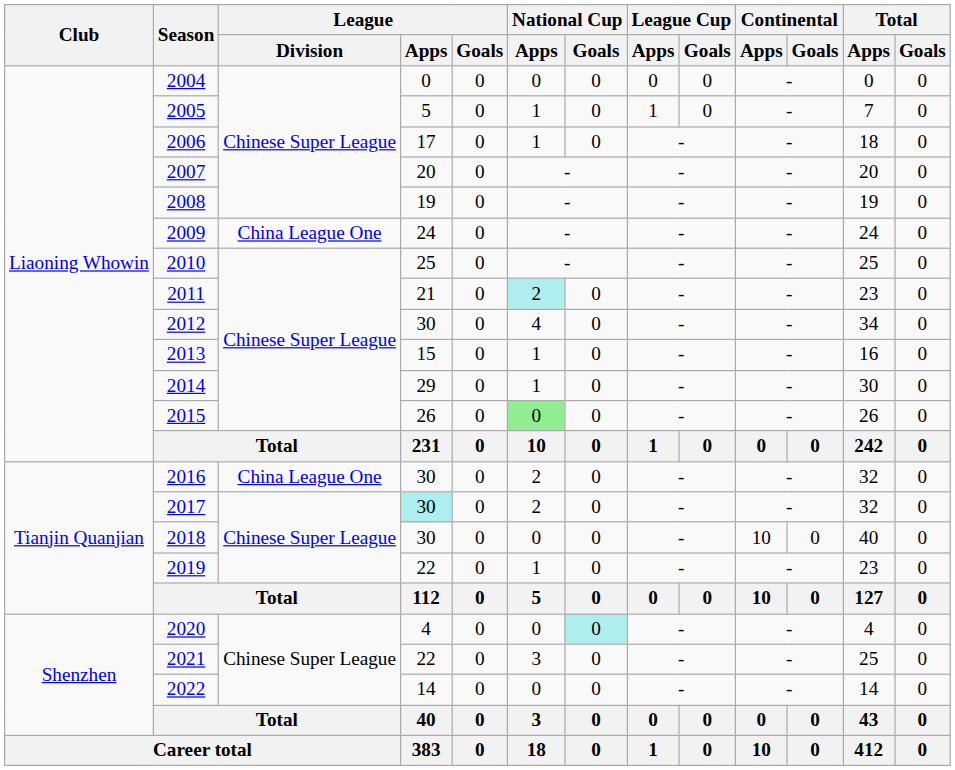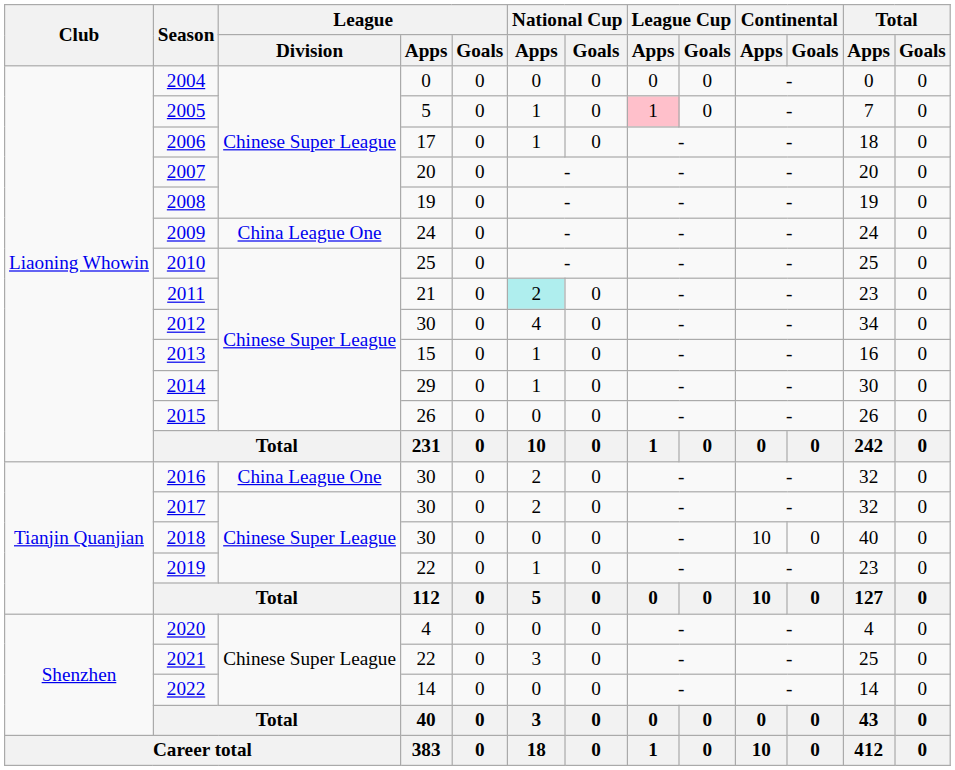 <table class="wikitable" style="text-align: center">
 <tr>
 <th rowspan="2">Club</th>
 <th rowspan="2">Season</th>
 <th colspan="3">League</th>
 <th colspan="2">National Cup</th>
 <th colspan="2">League Cup</th>
 <th colspan="2">Continental</th>
 <th colspan="2">Total</th>
 </tr>
 <tr>
 <th>Division</th>
 <th>Apps</th>
 <th>Goals</th>
 <th>Apps</th>
 <th>Goals</th>
 <th>Apps</th>
 <th>Goals</th>
 <th>Apps</th>
 <th>Goals</th>
 <th>Apps</th>
 <th>Goals</th>
 </tr>
 <tr>
 <td rowspan=13><a href='#'>Liaoning Whowin</a></td>
 <td><a href='#'>2004</a></td>
 <td rowspan="5"><a href='#'>Chinese Super League</a></td>
 <td>0</td>
 <td>0</td>
 <td>0</td>
 <td>0</td>
 <td>0</td>
 <td>0</td>
 <td colspan="2">-</td>
 <td>0</td>
 <td>0</td>
 </tr>
 <tr>
 <td><a href='#'>2005</a></td>
 <td>5</td>
 <td>0</td>
 <td>1</td>
 <td>0</td>
-<td>1</td>
+<td style="background: pink;">1</td>
 <td>0</td>
 <td colspan="2">-</td>
 <td>7</td>
 <td>0</td>
 </tr>
 <tr>
 <td><a href='#'>2006</a></td>
 <td>17</td>
 <td>0</td>
 <td>1</td>
 <td>0</td>
 <td colspan="2">-</td>
 <td colspan="2">-</td>
 <td>18</td>
 <td>0</td>
 </tr>
 <tr>
 <td><a href='#'>2007</a></td>
 <td>20</td>
 <td>0</td>
 <td colspan="2">-</td>
 <td colspan="2">-</td>
 <td colspan="2">-</td>
 <td>20</td>
 <td>0</td>
 </tr>
 <tr>
 <td><a href='#'>2008</a></td>
 <td>19</td>
 <td>0</td>
 <td colspan="2">-</td>
 <td colspan="2">-</td>
 <td colspan="2">-</td>
 <td>19</td>
 <td>0</td>
 </tr>
 <tr>
 <td><a href='#'>2009</a></td>
 <td rowspan="1"><a href='#'>China League One</a></td>
 <td>24</td>
 <td>0</td>
 <td colspan="2">-</td>
 <td colspan="2">-</td>
 <td colspan="2">-</td>
 <td>24</td>
 <td>0</td>
 </tr>
 <tr>
 <td><a href='#'>2010</a></td>
 <td rowspan="6"><a href='#'>Chinese Super League</a></td>
 <td>25</td>
 <td>0</td>
 <td colspan="2">-</td>
 <td colspan="2">-</td>
 <td colspan="2">-</td>
 <td>25</td>
 <td>0</td>
 </tr>
 <tr>
 <td><a href='#'>2011</a></td>
 <td>21</td>
 <td>0</td>
 <td style="background: paleturquoise;">2</td>
 <td>0</td>
 <td colspan="2">-</td>
 <td colspan="2">-</td>
 <td>23</td>
 <td>0</td>
 </tr>
 <tr>
 <td><a href='#'>2012</a></td>
 <td>30</td>
 <td>0</td>
 <td>4</td>
 <td>0</td>
 <td colspan="2">-</td>
 <td colspan="2">-</td>
 <td>34</td>
 <td>0</td>
 </tr>
 <tr>
 <td><a href='#'>2013</a></td>
 <td>15</td>
 <td>0</td>
 <td>1</td>
 <td>0</td>
 <td colspan="2">-</td>
 <td colspan="2">-</td>
 <td>16</td>
 <td>0</td>
 </tr>
 <tr>
 <td><a href='#'>2014</a></td>
 <td>29</td>
 <td>0</td>
 <td>1</td>
 <td>0</td>
 <td colspan="2">-</td>
 <td colspan="2">-</td>
 <td>30</td>
 <td>0</td>
 </tr>
 <tr>
 <td><a href='#'>2015</a></td>
 <td>26</td>
 <td>0</td>
-<td style="background: lightgreen;">0</td>
+<td>0</td>
 <td>0</td>
 <td colspan="2">-</td>
 <td colspan="2">-</td>
 <td>26</td>
 <td>0</td>
 </tr>
 <tr>
 <th colspan=2>Total</th>
 <th>231</th>
 <th>0</th>
 <th>10</th>
 <th>0</th>
 <th>1</th>
 <th>0</th>
 <th>0</th>
 <th>0</th>
 <th>242</th>
 <th>0</th>
 </tr>
 <tr>
 <td rowspan=5><a href='#'>Tianjin Quanjian</a></td>
 <td><a href='#'>2016</a></td>
 <td><a href='#'>China League One</a></td>
 <td>30</td>
 <td>0</td>
 <td>2</td>
 <td>0</td>
 <td colspan="2">-</td>
 <td colspan="2">-</td>
 <td>32</td>
 <td>0</td>
 </tr>
 <tr>
 <td><a href='#'>2017</a></td>
 <td rowspan=3><a href='#'>Chinese Super League</a></td>
-<td style="background: paleturquoise;">30</td>
+<td>30</td>
 <td>0</td>
 <td>2</td>
 <td>0</td>
 <td colspan="2">-</td>
 <td colspan="2">-</td>
 <td>32</td>
 <td>0</td>
 </tr>
 <tr>
 <td><a href='#'>2018</a></td>
 <td>30</td>
 <td>0</td>
 <td>0</td>
 <td>0</td>
 <td colspan="2">-</td>
 <td>10</td>
 <td>0</td>
 <td>40</td>
 <td>0</td>
 </tr>
 <tr>
 <td><a href='#'>2019</a></td>
 <td>22</td>
 <td>0</td>
 <td>1</td>
 <td>0</td>
 <td colspan="2">-</td>
 <td colspan="2">-</td>
 <td>23</td>
 <td>0</td>
 </tr>
 <tr>
 <th colspan=2>Total</th>
 <th>112</th>
 <th>0</th>
 <th>5</th>
 <th>0</th>
 <th>0</th>
 <th>0</th>
 <th>10</th>
 <th>0</th>
 <th>127</th>
 <th>0</th>
 </tr>
 <tr>
 <td rowspan=4><a href='#'>Shenzhen</a></td>
 <td><a href='#'>2020</a></td>
 <td rowspan=3>Chinese Super League</td>
 <td>4</td>
 <td>0</td>
 <td>0</td>
-<td style="background: paleturquoise;">0</td>
+<td>0</td>
 <td colspan="2">-</td>
 <td colspan="2">-</td>
 <td>4</td>
 <td>0</td>
 </tr>
 <tr>
 <td><a href='#'>2021</a></td>
 <td>22</td>
 <td>0</td>
 <td>3</td>
 <td>0</td>
 <td colspan="2">-</td>
 <td colspan="2">-</td>
 <td>25</td>
 <td>0</td>
 </tr>
 <tr>
 <td><a href='#'>2022</a></td>
 <td>14</td>
 <td>0</td>
 <td>0</td>
 <td>0</td>
 <td colspan="2">-</td>
 <td colspan="2">-</td>
 <td>14</td>
 <td>0</td>
 </tr>
 <tr>
 <th colspan=2>Total</th>
 <th>40</th>
 <th>0</th>
 <th>3</th>
 <th>0</th>
 <th>0</th>
 <th>0</th>
 <th>0</th>
 <th>0</th>
 <th>43</th>
 <th>0</th>
 </tr>
 <tr>
 <th colspan=3>Career total</th>
 <th>383</th>
 <th>0</th>
 <th>18</th>
 <th>0</th>
 <th>1</th>
 <th>0</th>
 <th>10</th>
 <th>0</th>
 <th>412</th>
 <th>0</th>
 </tr>
 </table>
